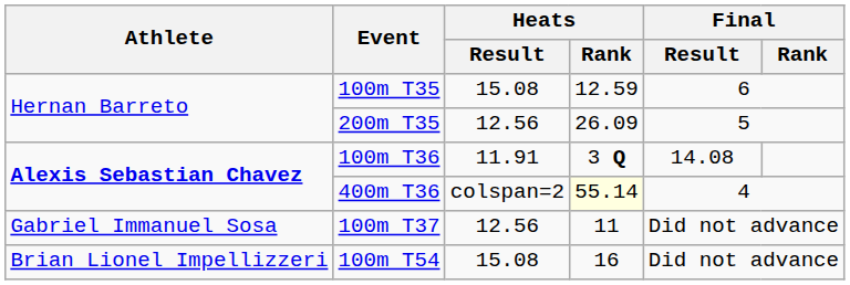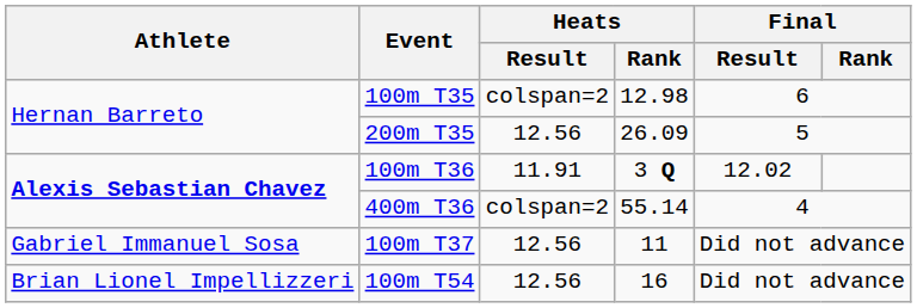 <table class=wikitable style="font-size:95%">
 <tr>
 <th rowspan="2">Athlete</th>
 <th rowspan="2">Event</th>
 <th colspan="2">Heats</th>
 <th colspan="2">Final</th>
 </tr>
 <tr>
 <th>Result</th>
 <th>Rank</th>
 <th>Result</th>
 <th>Rank</th>
 </tr>
 <tr align=center>
 <td rowspan=2 align=left><a href='#'>Hernan Barreto</a></td>
 <td align=left><a href='#'>100m T35</a></td>
-<td>15.08</td>
-<td>12.59</td>
+<td>colspan=2</td>
+<td>12.98</td>
 <td colspan="2">6</td>
 </tr>
 <tr align=center>
 <td align=left><a href='#'>200m T35</a></td>
 <td>12.56</td>
 <td>26.09</td>
 <td colspan="2">5</td>
 </tr>
 <tr align=center>
 <td align=left rowspan=2><strong><a href='#'>Alexis Sebastian Chavez</a></strong></td>
 <td align=left><a href='#'>100m T36</a></td>
 <td>11.91</td>
 <td>3 <strong>Q</strong></td>
-<td>14.08</td>
+<td>12.02</td>
 <td></td>
 </tr>
 <tr align=center>
 <td align=left><a href='#'>400m T36</a></td>
 <td>colspan=2</td>
-<td style="background: lightyellow;">55.14</td>
+<td>55.14</td>
 <td colspan="2">4</td>
 </tr>
 <tr align=center>
 <td align="left"><a href='#'>Gabriel Immanuel Sosa</a></td>
 <td align=left><a href='#'>100m T37</a></td>
 <td>12.56</td>
 <td>11</td>
 <td colspan="2">Did not advance</td>
 </tr>
 <tr align="center">
 <td align="left"><a href='#'>Brian Lionel Impellizzeri</a></td>
 <td align="left"><a href='#'>100m T54</a></td>
-<td>15.08</td>
+<td>12.56</td>
 <td>16</td>
 <td colspan="2">Did not advance</td>
 </tr>
 </table>
